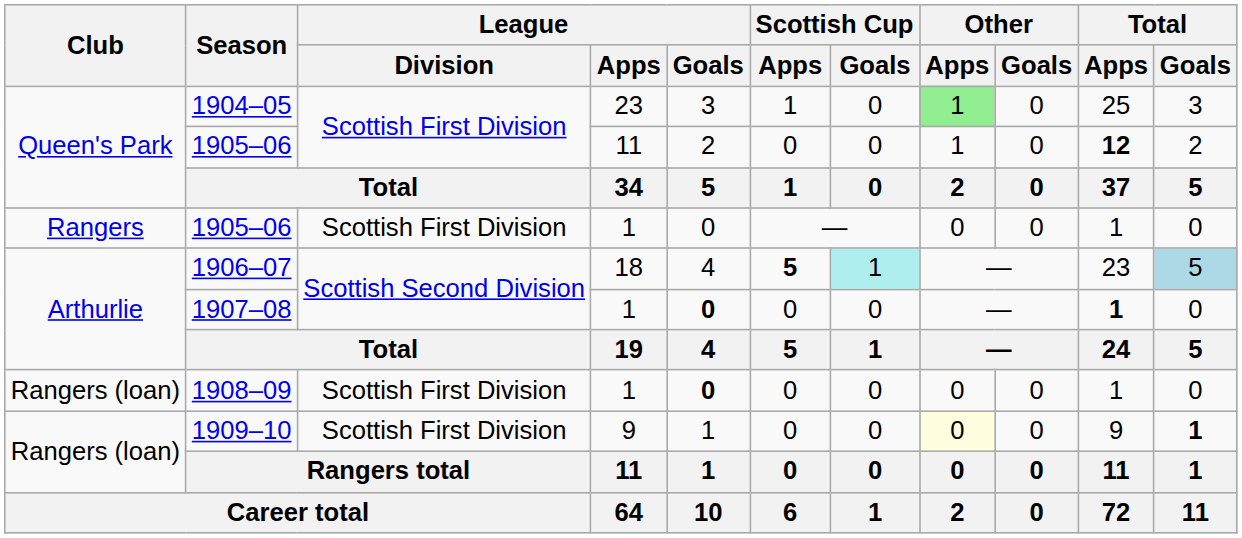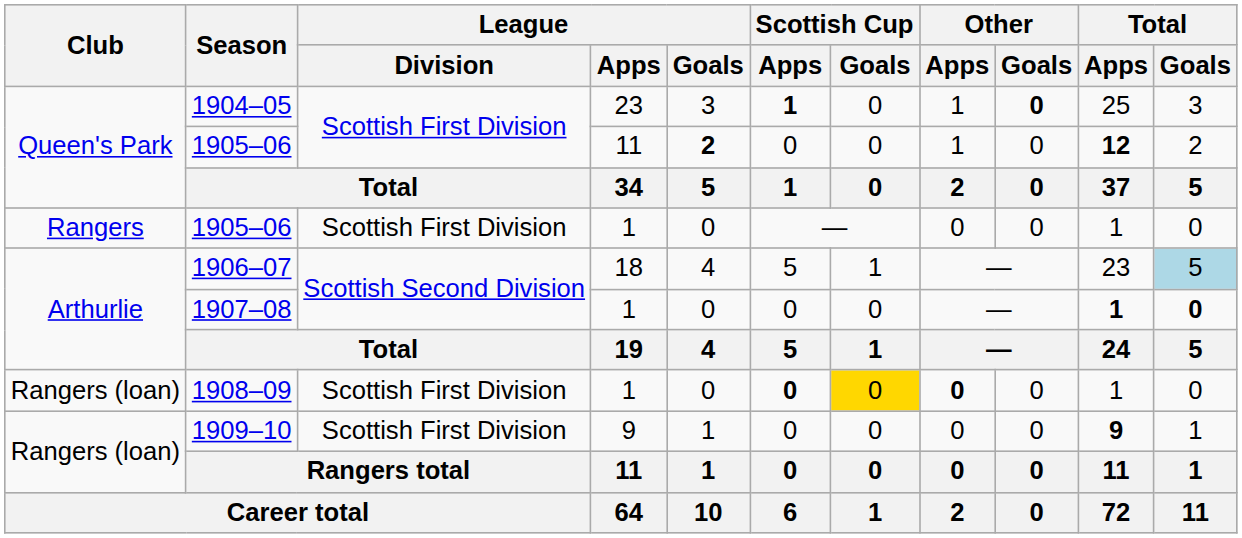 <table class="wikitable" style="text-align: center;">
 <tr>
 <th rowspan="2">Club</th>
 <th rowspan="2">Season</th>
 <th colspan="3">League</th>
 <th colspan="2">Scottish Cup</th>
 <th colspan="2">Other</th>
 <th colspan="2">Total</th>
 </tr>
 <tr>
 <th>Division</th>
 <th>Apps</th>
 <th>Goals</th>
 <th>Apps</th>
 <th>Goals</th>
 <th>Apps</th>
 <th>Goals</th>
 <th>Apps</th>
 <th>Goals</th>
 </tr>
 <tr>
 <td rowspan="3"><a href='#'>Queen's Park</a></td>
 <td><a href='#'>1904–05</a></td>
 <td rowspan="2"><a href='#'>Scottish First Division</a></td>
 <td>23</td>
 <td>3</td>
+<td><strong>1</strong></td>
+<td>0</td>
 <td>1</td>
-<td>0</td>
-<td style="background: lightgreen;">1</td>
-<td>0</td>
+<td><strong>0</strong></td>
 <td>25</td>
 <td>3</td>
 </tr>
 <tr>
 <td><a href='#'>1905–06</a></td>
 <td>11</td>
-<td>2</td>
+<td><strong>2</strong></td>
 <td>0</td>
 <td>0</td>
 <td>1</td>
 <td>0</td>
 <td><strong>12</strong></td>
 <td>2</td>
 </tr>
 <tr>
 <th colspan="2">Total</th>
 <th>34</th>
 <th>5</th>
 <th>1</th>
 <th>0</th>
 <th>2</th>
 <th>0</th>
 <th>37</th>
 <th>5</th>
 </tr>
 <tr>
 <td><a href='#'>Rangers</a></td>
 <td><a href='#'>1905–06</a></td>
 <td>Scottish First Division</td>
 <td>1</td>
 <td>0</td>
 <td colspan="2">—</td>
 <td>0</td>
 <td>0</td>
 <td>1</td>
 <td>0</td>
 </tr>
 <tr>
 <td rowspan="3"><a href='#'>Arthurlie</a></td>
 <td><a href='#'>1906–07</a></td>
 <td rowspan="2"><a href='#'>Scottish Second Division</a></td>
 <td>18</td>
 <td>4</td>
-<td><strong>5</strong></td>
-<td style="background: paleturquoise;">1</td>
+<td>5</td>
+<td>1</td>
 <td colspan="2">—</td>
 <td>23</td>
 <td style="background: lightblue;">5</td>
 </tr>
 <tr>
 <td><a href='#'>1907–08</a></td>
 <td>1</td>
-<td><strong>0</strong></td>
+<td>0</td>
 <td>0</td>
 <td>0</td>
 <td colspan="2">—</td>
 <td><strong>1</strong></td>
-<td>0</td>
+<td><strong>0</strong></td>
 </tr>
 <tr>
 <th colspan="2">Total</th>
 <th>19</th>
 <th>4</th>
 <th>5</th>
 <th>1</th>
 <th colspan="2">—</th>
 <th>24</th>
 <th>5</th>
 </tr>
 <tr>
 <td>Rangers (loan)</td>
 <td><a href='#'>1908–09</a></td>
 <td>Scottish First Division</td>
 <td>1</td>
+<td>0</td>
 <td><strong>0</strong></td>
-<td>0</td>
-<td>0</td>
-<td>0</td>
+<td style="background: gold;">0</td>
+<td><strong>0</strong></td>
 <td>0</td>
 <td>1</td>
 <td>0</td>
 </tr>
 <tr>
 <td rowspan="2">Rangers (loan)</td>
 <td><a href='#'>1909–10</a></td>
 <td>Scottish First Division</td>
 <td>9</td>
 <td>1</td>
 <td>0</td>
 <td>0</td>
-<td style="background: lightyellow;">0</td>
 <td>0</td>
-<td>9</td>
-<td><strong>1</strong></td>
+<td>0</td>
+<td><strong>9</strong></td>
+<td>1</td>
 </tr>
 <tr>
 <th colspan="2">Rangers total</th>
 <th>11</th>
 <th>1</th>
 <th>0</th>
 <th>0</th>
 <th>0</th>
 <th>0</th>
 <th>11</th>
 <th>1</th>
 </tr>
 <tr>
 <th colspan="3">Career total</th>
 <th>64</th>
 <th>10</th>
 <th>6</th>
 <th>1</th>
 <th>2</th>
 <th>0</th>
 <th>72</th>
 <th>11</th>
 </tr>
 </table>
